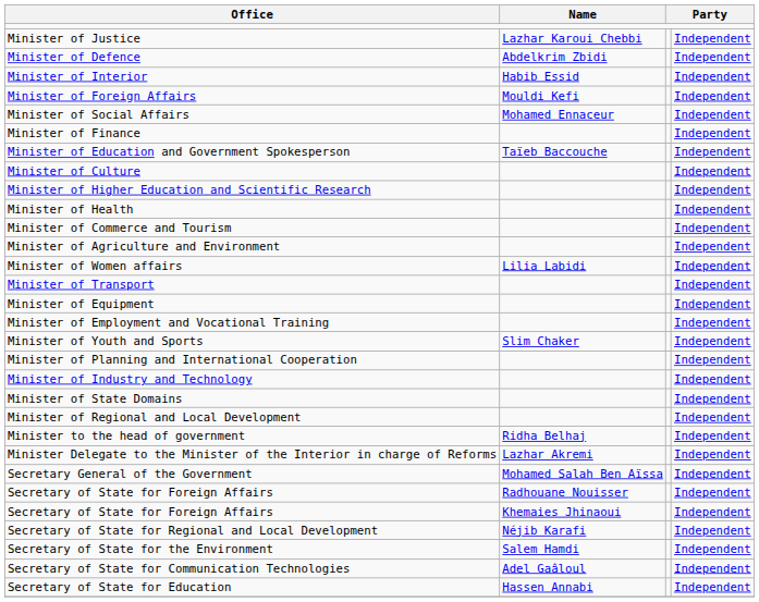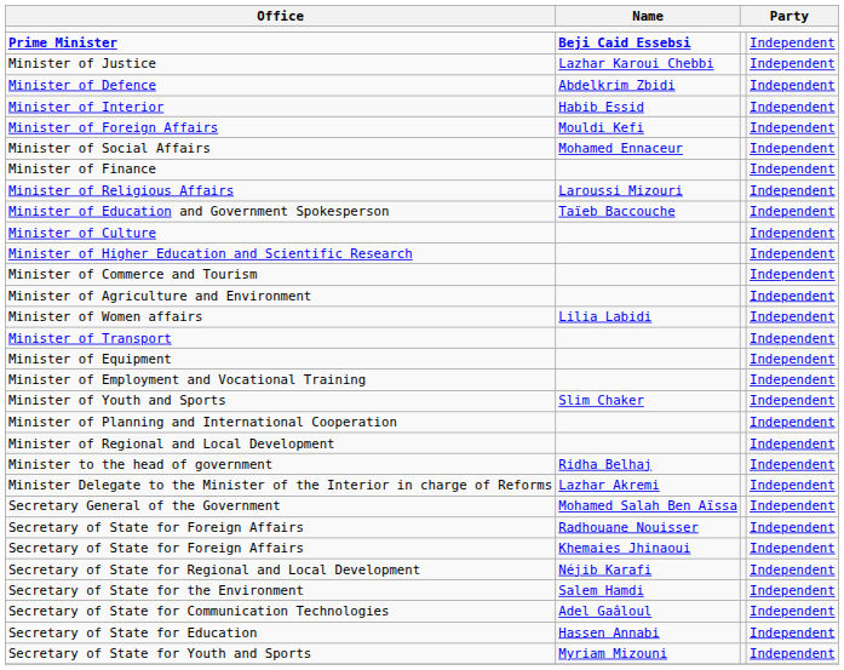 <table class="wikitable" style="font-size: 100%;">
 <tr>
 <th>Office</th>
 <th>Name</th>
 <th colspan=2>Party</th>
 </tr>
 <tr>
 <td colspan="4"></td>
+</tr>
+<tr>
+<td><strong><a href='#'>Prime Minister</a></strong></td>
+<td><strong><a href='#'>Beji Caid Essebsi</a></strong></td>
+<td></td>
+<td><a href='#'>Independent</a></td>
 </tr>
 <tr>
 <td>Minister of Justice</td>
 <td><a href='#'>Lazhar Karoui Chebbi</a></td>
 <td></td>
 <td><a href='#'>Independent</a></td>
 </tr>
 <tr>
 <td><a href='#'>Minister of Defence</a></td>
 <td><a href='#'>Abdelkrim Zbidi</a></td>
 <td></td>
 <td><a href='#'>Independent</a></td>
 </tr>
 <tr>
 <td><a href='#'>Minister of Interior</a></td>
 <td><a href='#'>Habib Essid</a></td>
 <td></td>
 <td><a href='#'>Independent</a></td>
 </tr>
 <tr>
 <td><a href='#'>Minister of Foreign Affairs</a></td>
 <td><a href='#'>Mouldi Kefi</a></td>
 <td></td>
 <td><a href='#'>Independent</a></td>
 </tr>
 <tr>
 <td>Minister of Social Affairs</td>
 <td><a href='#'>Mohamed Ennaceur</a></td>
 <td></td>
 <td><a href='#'>Independent</a></td>
 </tr>
 <tr>
 <td>Minister of Finance</td>
 <td></td>
 <td></td>
 <td><a href='#'>Independent</a></td>
 </tr>
 <tr>
+<td><a href='#'>Minister of Religious Affairs</a></td>
+<td><a href='#'>Laroussi Mizouri</a></td>
+<td></td>
+<td><a href='#'>Independent</a></td>
+</tr>
+<tr>
 <td><a href='#'>Minister of Education</a> and Government Spokesperson</td>
 <td><a href='#'>Taïeb Baccouche</a></td>
 <td></td>
 <td><a href='#'>Independent</a></td>
 </tr>
 <tr>
 <td><a href='#'>Minister of Culture</a></td>
 <td></td>
 <td></td>
 <td><a href='#'>Independent</a></td>
 </tr>
 <tr>
 <td><a href='#'>Minister of Higher Education and Scientific Research</a></td>
-<td></td>
-<td></td>
-<td><a href='#'>Independent</a></td>
-</tr>
-<tr>
-<td>Minister of Health</td>
 <td></td>
 <td></td>
 <td><a href='#'>Independent</a></td>
 </tr>
 <tr>
 <td>Minister of Commerce and Tourism</td>
 <td></td>
 <td></td>
 <td><a href='#'>Independent</a></td>
 </tr>
 <tr>
 <td>Minister of Agriculture and Environment</td>
 <td></td>
 <td></td>
 <td><a href='#'>Independent</a></td>
 </tr>
 <tr>
 <td>Minister of Women affairs</td>
 <td><a href='#'>Lilia Labidi</a></td>
 <td></td>
 <td><a href='#'>Independent</a></td>
 </tr>
 <tr>
 <td><a href='#'>Minister of Transport</a></td>
 <td></td>
 <td></td>
 <td><a href='#'>Independent</a></td>
 </tr>
 <tr>
 <td>Minister of Equipment</td>
 <td></td>
 <td></td>
 <td><a href='#'>Independent</a></td>
 </tr>
 <tr>
 <td>Minister of Employment and Vocational Training</td>
 <td></td>
 <td></td>
 <td><a href='#'>Independent</a></td>
 </tr>
 <tr>
 <td>Minister of Youth and Sports</td>
 <td><a href='#'>Slim Chaker</a></td>
 <td></td>
 <td><a href='#'>Independent</a></td>
 </tr>
 <tr>
 <td>Minister of Planning and International Cooperation</td>
-<td></td>
-<td></td>
-<td><a href='#'>Independent</a></td>
-</tr>
-<tr>
-<td><a href='#'>Minister of Industry and Technology</a></td>
-<td></td>
-<td></td>
-<td><a href='#'>Independent</a></td>
-</tr>
-<tr>
-<td>Minister of State Domains</td>
 <td></td>
 <td></td>
 <td><a href='#'>Independent</a></td>
 </tr>
 <tr>
 <td>Minister of Regional and Local Development</td>
 <td></td>
 <td></td>
 <td><a href='#'>Independent</a></td>
 </tr>
 <tr>
 <td>Minister to the head of government</td>
 <td><a href='#'> Ridha Belhaj</a></td>
 <td></td>
 <td><a href='#'>Independent</a></td>
 </tr>
 <tr>
 <td>Minister Delegate to the Minister of the Interior in charge of Reforms</td>
 <td><a href='#'>Lazhar Akremi</a></td>
 <td></td>
 <td><a href='#'>Independent</a></td>
 </tr>
 <tr>
 <td>Secretary General of the Government</td>
 <td><a href='#'>Mohamed Salah Ben Aïssa</a></td>
 <td></td>
 <td><a href='#'>Independent</a></td>
 </tr>
 <tr>
 <td>Secretary of State for Foreign Affairs</td>
 <td><a href='#'>Radhouane Nouisser</a></td>
 <td></td>
 <td><a href='#'>Independent</a></td>
 </tr>
 <tr>
 <td>Secretary of State for Foreign Affairs</td>
 <td><a href='#'>Khemaies Jhinaoui</a></td>
 <td></td>
 <td><a href='#'>Independent</a></td>
 </tr>
 <tr>
 <td>Secretary of State for Regional and Local Development</td>
 <td><a href='#'>Néjib Karafi</a></td>
 <td></td>
 <td><a href='#'>Independent</a></td>
 </tr>
 <tr>
 <td>Secretary of State for the Environment</td>
 <td><a href='#'>Salem Hamdi</a></td>
 <td></td>
 <td><a href='#'>Independent</a></td>
 </tr>
 <tr>
 <td>Secretary of State for Communication Technologies</td>
 <td><a href='#'>Adel Gaâloul</a></td>
 <td></td>
 <td><a href='#'>Independent</a></td>
 </tr>
 <tr>
 <td>Secretary of State for Education</td>
 <td><a href='#'>Hassen Annabi</a></td>
 <td></td>
 <td><a href='#'>Independent</a></td>
 </tr>
 <tr>
+<td>Secretary of State for Youth and Sports</td>
+<td><a href='#'>Myriam Mizouni</a></td>
+<td></td>
+<td><a href='#'>Independent</a></td>
+</tr>
+<tr>
 </tr>
 </table>
